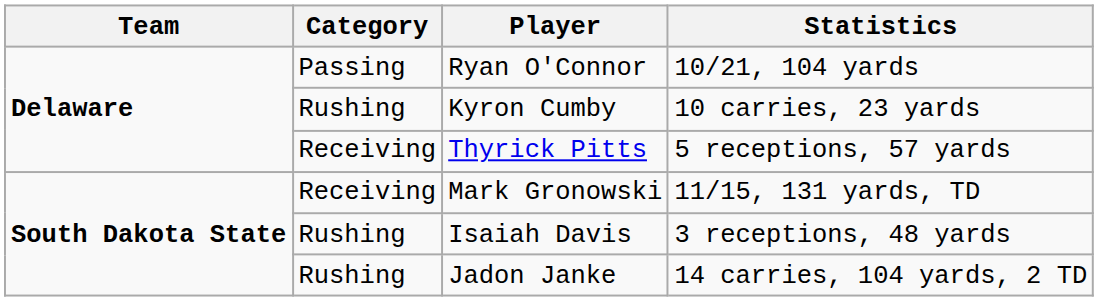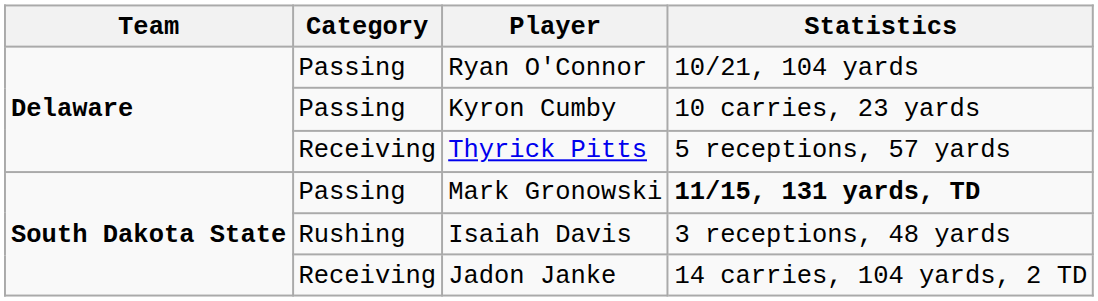 <table class="wikitable" style="float: left;">
 <tr>
 <th>Team</th>
 <th>Category</th>
 <th>Player</th>
 <th>Statistics</th>
 </tr>
 <tr>
 <td rowspan=3><strong>Delaware</strong></td>
 <td>Passing</td>
 <td>Ryan O'Connor</td>
 <td>10/21, 104 yards</td>
 </tr>
 <tr>
-<td>Rushing</td>
+<td>Passing</td>
 <td>Kyron Cumby</td>
 <td>10 carries, 23 yards</td>
 </tr>
 <tr>
 <td>Receiving</td>
 <td><a href='#'>Thyrick Pitts</a></td>
 <td>5 receptions, 57 yards</td>
 </tr>
 <tr>
 <td rowspan=3><strong>South Dakota State</strong></td>
-<td>Receiving</td>
+<td>Passing</td>
 <td>Mark Gronowski</td>
-<td>11/15, 131 yards, TD</td>
+<td><strong>11/15, 131 yards, TD</strong></td>
 </tr>
 <tr>
 <td>Rushing</td>
 <td>Isaiah Davis</td>
 <td>3 receptions, 48 yards</td>
 </tr>
 <tr>
-<td>Rushing</td>
+<td>Receiving</td>
 <td>Jadon Janke</td>
 <td>14 carries, 104 yards, 2 TD</td>
 </tr>
 </table>
